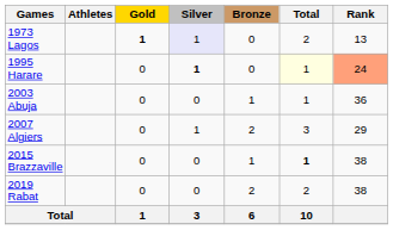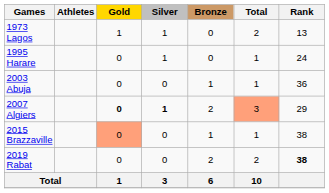 <table class="wikitable" width=55% style="font-size:90%; text-align:center;">
 <tr>
 <th>Games</th>
 <th>Athletes</th>
 <td style="background:gold; width:4.5em; font-weight:bold;">Gold</td>
 <td style="background:silver; width:4.5em; font-weight:bold;">Silver</td>
 <td style="background:#cc9966; width:4.5em; font-weight:bold;">Bronze</td>
 <th style="width:4.5em; font-weight:bold;">Total</th>
 <th style="width:4.5em; font-weight:bold;">Rank</th>
 </tr>
 <tr>
 <td align=left><a href='#'>1973 Lagos</a></td>
 <td></td>
-<td><strong>1</strong></td>
-<td style="background: lavender;">1</td>
+<td>1</td>
+<td>1</td>
 <td>0</td>
 <td>2</td>
 <td>13</td>
 </tr>
 <tr>
 <td align=left><a href='#'>1995 Harare</a></td>
 <td></td>
 <td>0</td>
-<td><strong>1</strong></td>
+<td>1</td>
 <td>0</td>
-<td style="background: lightyellow;">1</td>
-<td style="background: lightsalmon;">24</td>
+<td>1</td>
+<td>24</td>
 </tr>
 <tr>
 <td align=left><a href='#'>2003 Abuja</a></td>
 <td></td>
 <td>0</td>
 <td>0</td>
 <td>1</td>
 <td>1</td>
 <td>36</td>
 </tr>
 <tr>
 <td align=left><a href='#'>2007 Algiers</a></td>
 <td></td>
-<td>0</td>
-<td>1</td>
+<td><strong>0</strong></td>
+<td><strong>1</strong></td>
 <td>2</td>
-<td>3</td>
+<td style="background: lightsalmon;">3</td>
 <td>29</td>
 </tr>
 <tr>
 <td align=left><a href='#'>2015 Brazzaville</a></td>
 <td></td>
-<td>0</td>
+<td style="background: lightsalmon;">0</td>
 <td>0</td>
 <td>1</td>
-<td><strong>1</strong></td>
+<td>1</td>
 <td>38</td>
 </tr>
 <tr>
 <td align=left><a href='#'>2019 Rabat</a></td>
 <td></td>
 <td>0</td>
 <td>0</td>
 <td>2</td>
 <td>2</td>
-<td>38</td>
+<td><strong>38</strong></td>
 </tr>
 <tr style="width:4em;">
 <th colspan=2>Total</th>
 <th>1</th>
 <th>3</th>
 <th>6</th>
 <th>10</th>
 <th></th>
 </tr>
 <tr class="sortbottom">
 </tr>
 </table>
